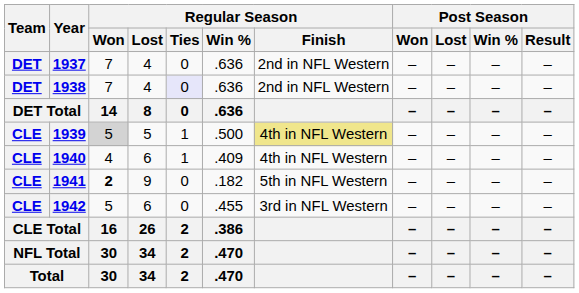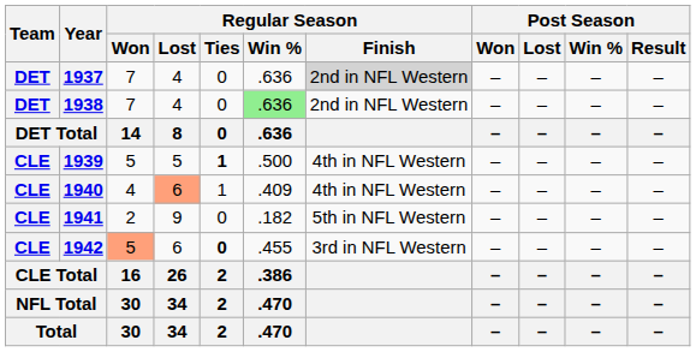 <table class="wikitable" style="font-size: 95%; text-align:center;">
 <tr>
 <th rowspan="2">Team</th>
 <th rowspan="2">Year</th>
 <th colspan="5">Regular Season</th>
 <th colspan="4">Post Season</th>
 </tr>
 <tr>
 <th>Won</th>
 <th>Lost</th>
 <th>Ties</th>
 <th>Win %</th>
 <th>Finish</th>
 <th>Won</th>
 <th>Lost</th>
 <th>Win %</th>
 <th>Result</th>
 </tr>
 <tr>
 <th><a href='#'>DET</a></th>
 <th><a href='#'>1937</a></th>
 <td>7</td>
 <td>4</td>
 <td>0</td>
 <td>.636</td>
-<td>2nd in NFL Western</td>
+<td style="background: lightgrey;">2nd in NFL Western</td>
 <td>–</td>
 <td>–</td>
 <td>–</td>
 <td>–</td>
 </tr>
 <tr>
 <th><a href='#'>DET</a></th>
 <th><a href='#'>1938</a></th>
 <td>7</td>
 <td>4</td>
-<td style="background: lavender;">0</td>
-<td>.636</td>
+<td>0</td>
+<td style="background: lightgreen;">.636</td>
 <td>2nd in NFL Western</td>
 <td>–</td>
 <td>–</td>
 <td>–</td>
 <td>–</td>
 </tr>
 <tr>
 <th colspan="2">DET Total</th>
 <th>14</th>
 <th>8</th>
 <th>0</th>
 <th>.636</th>
 <th></th>
 <th>–</th>
 <th>–</th>
 <th>–</th>
 <th>–</th>
 </tr>
 <tr>
 <th><a href='#'>CLE</a></th>
 <th><a href='#'>1939</a></th>
-<td style="background: lightgrey;">5</td>
 <td>5</td>
-<td>1</td>
+<td>5</td>
+<td><strong>1</strong></td>
 <td>.500</td>
-<td style="background: khaki;">4th in NFL Western</td>
+<td>4th in NFL Western</td>
 <td>–</td>
 <td>–</td>
 <td>–</td>
 <td>–</td>
 </tr>
 <tr>
 <th><a href='#'>CLE</a></th>
 <th><a href='#'>1940</a></th>
 <td>4</td>
-<td>6</td>
+<td style="background: lightsalmon;">6</td>
 <td>1</td>
 <td>.409</td>
 <td>4th in NFL Western</td>
 <td>–</td>
 <td>–</td>
 <td>–</td>
 <td>–</td>
 </tr>
 <tr>
 <th><a href='#'>CLE</a></th>
 <th><a href='#'>1941</a></th>
-<td><strong>2</strong></td>
+<td>2</td>
 <td>9</td>
 <td>0</td>
 <td>.182</td>
 <td>5th in NFL Western</td>
 <td>–</td>
 <td>–</td>
 <td>–</td>
 <td>–</td>
 </tr>
 <tr>
 <th><a href='#'>CLE</a></th>
 <th><a href='#'>1942</a></th>
-<td>5</td>
+<td style="background: lightsalmon;">5</td>
 <td>6</td>
-<td>0</td>
+<td><strong>0</strong></td>
 <td>.455</td>
 <td>3rd in NFL Western</td>
 <td>–</td>
 <td>–</td>
 <td>–</td>
 <td>–</td>
 </tr>
 <tr>
 <th colspan="2">CLE Total</th>
 <th>16</th>
 <th>26</th>
 <th>2</th>
 <th>.386</th>
 <th></th>
 <th>–</th>
 <th>–</th>
 <th>–</th>
 <th>–</th>
 </tr>
 <tr>
 <th colspan="2">NFL Total</th>
 <th>30</th>
 <th>34</th>
 <th>2</th>
 <th>.470</th>
 <th></th>
 <th>–</th>
 <th>–</th>
 <th>–</th>
 <th>–</th>
 </tr>
 <tr>
 <th colspan="2">Total</th>
 <th>30</th>
 <th>34</th>
 <th>2</th>
 <th>.470</th>
 <th></th>
 <th>–</th>
 <th>–</th>
 <th>–</th>
 <th>–</th>
 </tr>
 </table>
